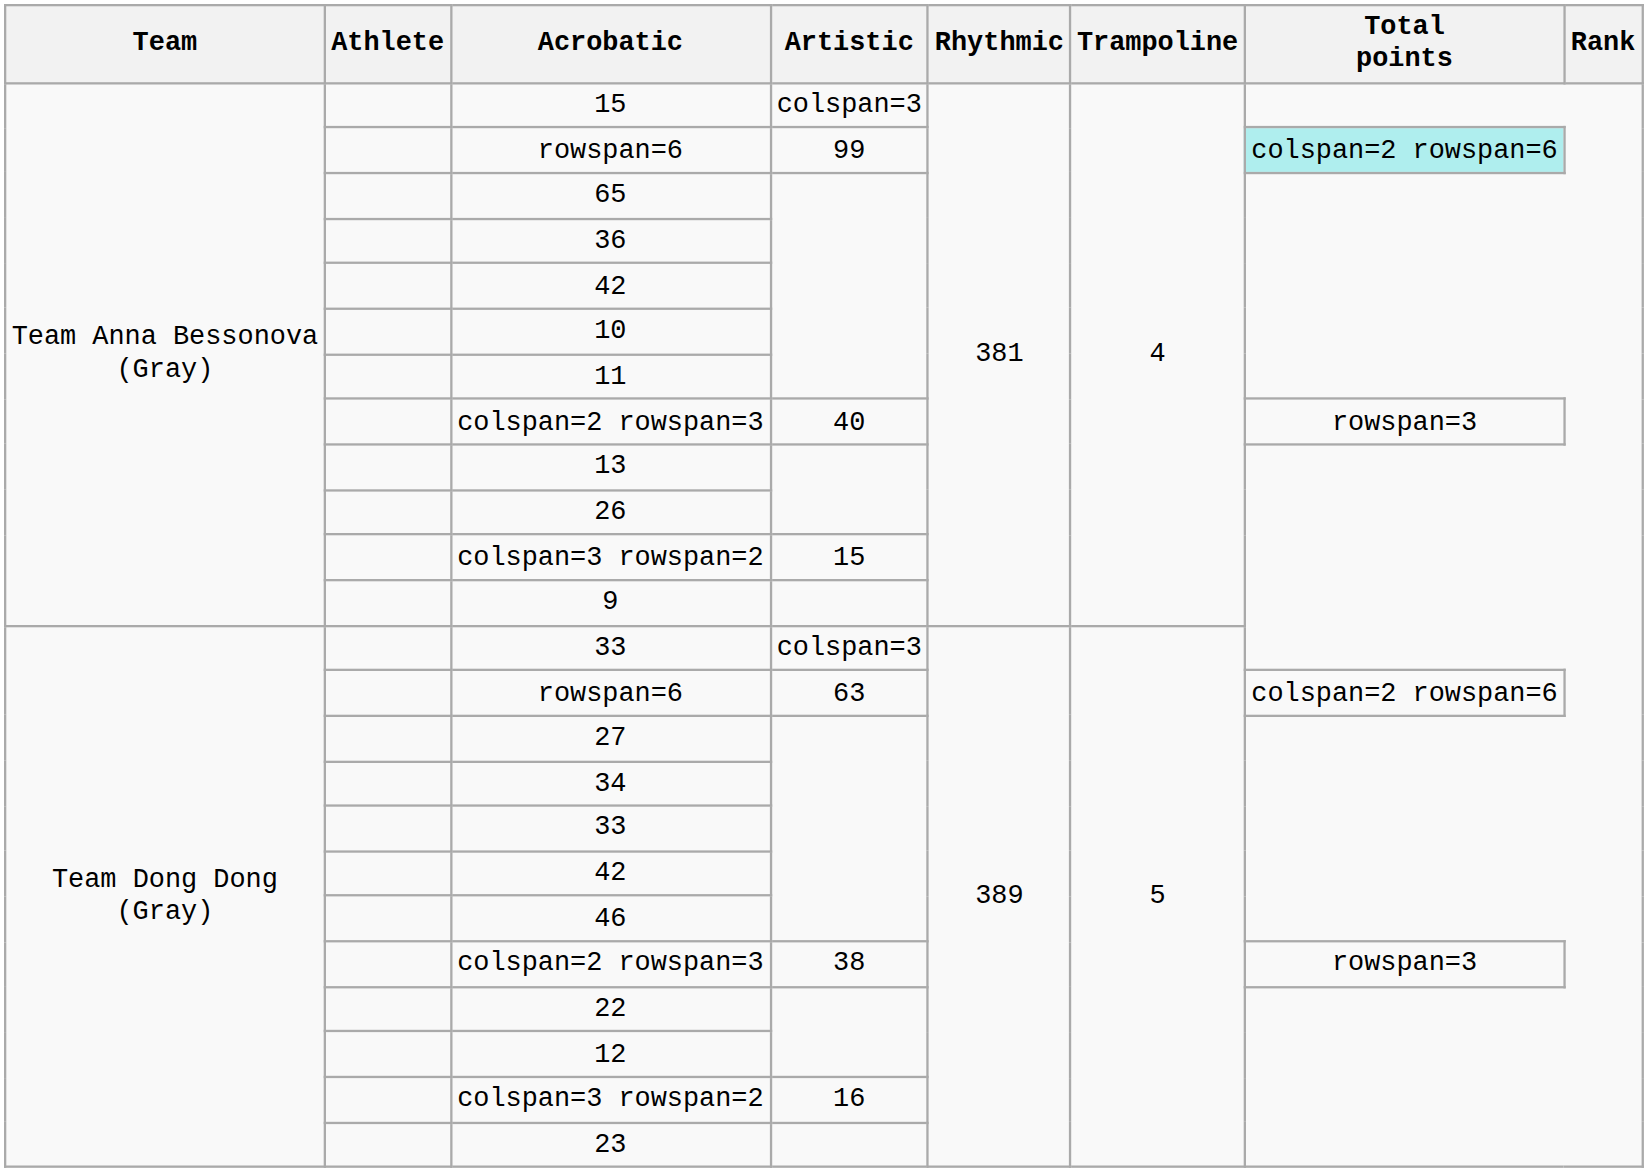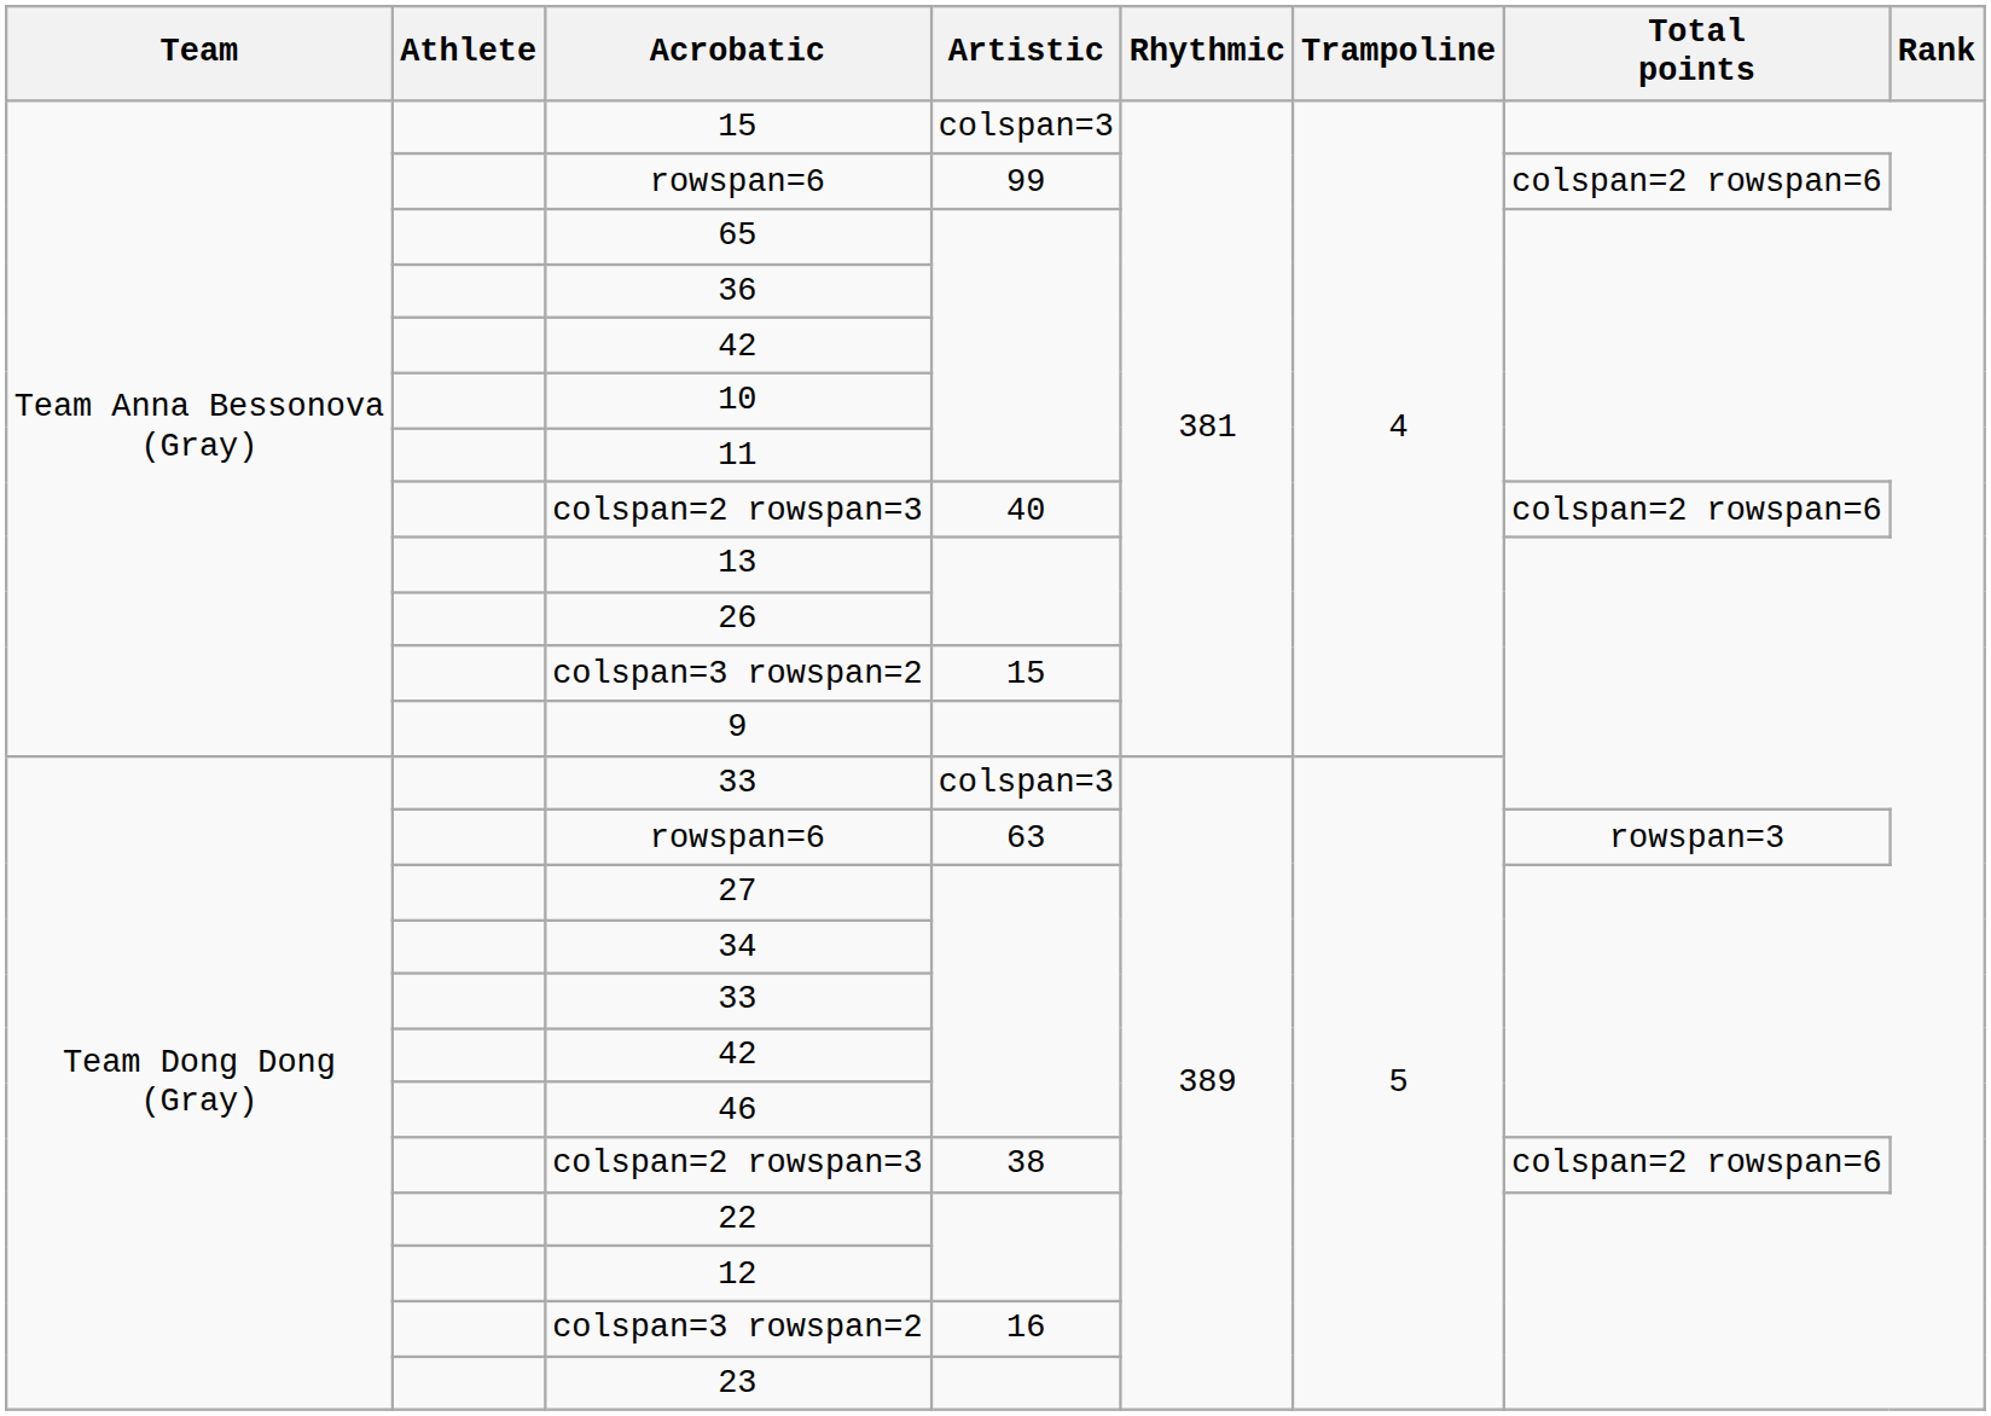 <table class="wikitable" style="font-size:90%">
 <tr>
 <th>Team</th>
 <th>Athlete</th>
 <th>Acrobatic</th>
 <th>Artistic</th>
 <th>Rhythmic</th>
 <th>Trampoline</th>
 <th>Total<br>points</th>
 <th>Rank</th>
 </tr>
 <tr align=center>
 <td rowspan=12>Team Anna Bessonova<br>(Gray)</td>
 <td align=left><br></td>
 <td>15</td>
 <td>colspan=3 </td>
 <td rowspan=12>381</td>
 <td rowspan=12>4</td>
 </tr>
 <tr align=center>
 <td align=left></td>
 <td>rowspan=6 </td>
 <td>99</td>
-<td style="background: paleturquoise;">colspan=2 rowspan=6 </td>
+<td>colspan=2 rowspan=6 </td>
 </tr>
 <tr align=center>
 <td align=left></td>
 <td>65</td>
 </tr>
 <tr align=center>
 <td align=left></td>
 <td>36</td>
 </tr>
 <tr align=center>
 <td align=left></td>
 <td>42</td>
 </tr>
 <tr align=center>
 <td align=left></td>
 <td>10</td>
 </tr>
 <tr align=center>
 <td align=left></td>
 <td>11</td>
 </tr>
 <tr align=center>
 <td align=left></td>
 <td>colspan=2 rowspan=3 </td>
 <td>40</td>
-<td>rowspan=3 </td>
+<td>colspan=2 rowspan=6 </td>
 </tr>
 <tr align=center>
 <td align=left></td>
 <td>13</td>
 </tr>
 <tr align=center>
 <td align=left></td>
 <td>26</td>
 </tr>
 <tr align=center>
 <td align=left></td>
 <td>colspan=3 rowspan=2 </td>
 <td>15</td>
 </tr>
 <tr align=center>
 <td align=left></td>
 <td>9</td>
 </tr>
 <tr align=center>
 <td rowspan=12>Team Dong Dong<br>(Gray)</td>
 <td align=left><br></td>
 <td>33</td>
 <td>colspan=3 </td>
 <td rowspan=12>389</td>
 <td rowspan=12>5</td>
 </tr>
 <tr align=center>
 <td align=left></td>
 <td>rowspan=6 </td>
 <td>63</td>
-<td>colspan=2 rowspan=6 </td>
+<td>rowspan=3 </td>
 </tr>
 <tr align=center>
 <td align=left></td>
 <td>27</td>
 </tr>
 <tr align=center>
 <td align=left></td>
 <td>34</td>
 </tr>
 <tr align=center>
 <td align=left></td>
 <td>33</td>
 </tr>
 <tr align=center>
 <td align=left></td>
 <td>42</td>
 </tr>
 <tr align=center>
 <td align=left></td>
 <td>46</td>
 </tr>
 <tr align=center>
 <td align=left></td>
 <td>colspan=2 rowspan=3 </td>
 <td>38</td>
-<td>rowspan=3 </td>
+<td>colspan=2 rowspan=6 </td>
 </tr>
 <tr align=center>
 <td align=left></td>
 <td>22</td>
 </tr>
 <tr align=center>
 <td align=left></td>
 <td>12</td>
 </tr>
 <tr align=center>
 <td align=left></td>
 <td>colspan=3 rowspan=2 </td>
 <td>16</td>
 </tr>
 <tr align=center>
 <td align=left></td>
 <td>23</td>
 </tr>
 </table>
